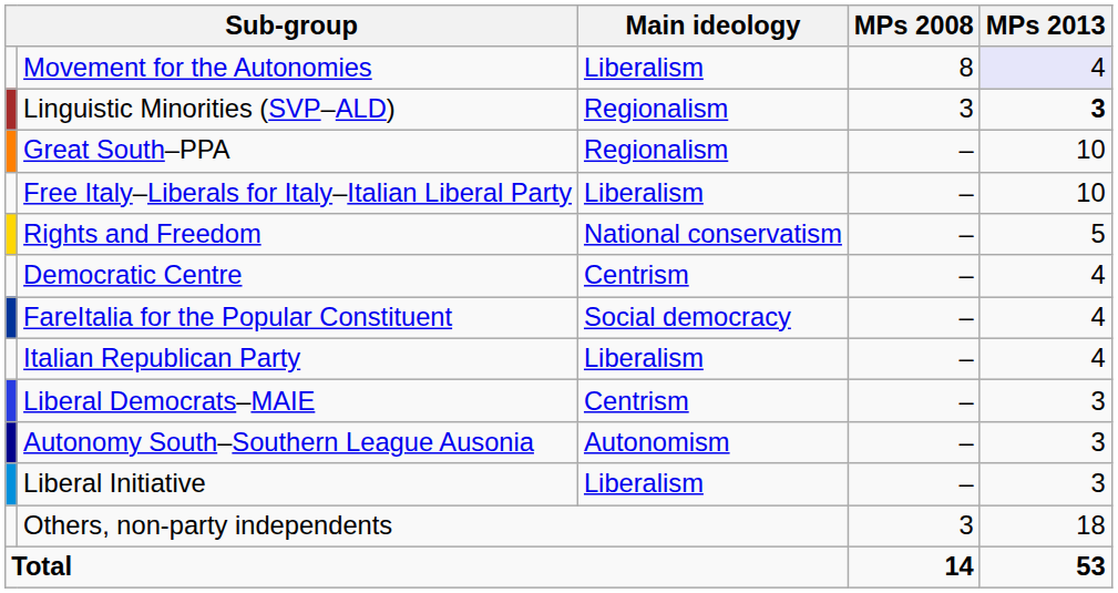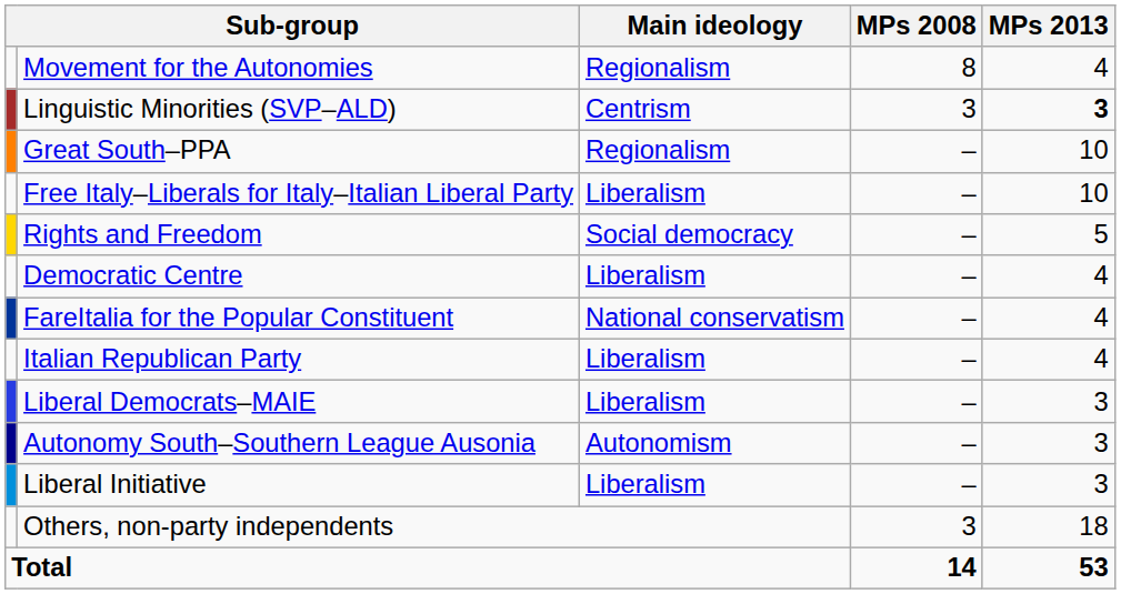 <table class="wikitable" style="font-size:100%">
 <tr>
 <th colspan=2>Sub-group</th>
 <th>Main ideology</th>
 <th>MPs 2008</th>
 <th>MPs 2013</th>
 </tr>
 <tr>
 <td></td>
 <td><a href='#'>Movement for the Autonomies</a></td>
-<td><a href='#'>Liberalism</a></td>
+<td><a href='#'>Regionalism</a></td>
 <td align=right>8</td>
-<td align=right style="background: lavender;">4</td>
+<td align=right>4</td>
 </tr>
 <tr>
 <td bgcolor="brown"></td>
 <td>Linguistic Minorities (<a href='#'>SVP</a>–<a href='#'>ALD</a>)</td>
-<td><a href='#'>Regionalism</a></td>
+<td><a href='#'>Centrism</a></td>
 <td align=right>3</td>
 <td align=right><strong>3</strong></td>
 </tr>
 <tr>
 <td bgcolor="#FF7F00"></td>
 <td><a href='#'>Great South</a>–PPA</td>
 <td><a href='#'>Regionalism</a></td>
 <td align=right>–</td>
 <td align=right>10</td>
 </tr>
 <tr>
 <td></td>
 <td><a href='#'>Free Italy</a>–<a href='#'>Liberals for Italy</a>–<a href='#'>Italian Liberal Party</a></td>
 <td><a href='#'>Liberalism</a></td>
 <td align=right>–</td>
 <td align=right>10</td>
 </tr>
 <tr>
 <td bgcolor="gold"></td>
 <td><a href='#'>Rights and Freedom</a></td>
-<td><a href='#'>National conservatism</a></td>
+<td><a href='#'>Social democracy</a></td>
 <td align=right>–</td>
 <td align=right>5</td>
 </tr>
 <tr>
 <td></td>
 <td><a href='#'>Democratic Centre</a></td>
-<td><a href='#'>Centrism</a></td>
+<td><a href='#'>Liberalism</a></td>
 <td align=right>–</td>
 <td align=right>4</td>
 </tr>
 <tr>
 <td bgcolor="#003399"></td>
 <td><a href='#'>FareItalia for the Popular Constituent</a></td>
-<td><a href='#'>Social democracy</a></td>
+<td><a href='#'>National conservatism</a></td>
 <td align=right>–</td>
 <td align=right>4</td>
 </tr>
 <tr>
 <td></td>
 <td><a href='#'>Italian Republican Party</a></td>
 <td><a href='#'>Liberalism</a></td>
 <td align=right>–</td>
 <td align=right>4</td>
 </tr>
 <tr>
 <td bgcolor="#273BE2"></td>
 <td><a href='#'>Liberal Democrats</a>–<a href='#'>MAIE</a></td>
-<td><a href='#'>Centrism</a></td>
+<td><a href='#'>Liberalism</a></td>
 <td align=right>–</td>
 <td align=right>3</td>
 </tr>
 <tr>
 <td bgcolor="darkblue"></td>
 <td><a href='#'>Autonomy South</a>–<a href='#'>Southern League Ausonia</a></td>
 <td><a href='#'>Autonomism</a></td>
 <td align=right>–</td>
 <td align=right>3</td>
 </tr>
 <tr>
 <td bgcolor="#0090DC"></td>
 <td>Liberal Initiative</td>
 <td><a href='#'>Liberalism</a></td>
 <td align=right>–</td>
 <td align=right>3</td>
 </tr>
 <tr>
 <td></td>
 <td colspan=2>Others, non-party independents</td>
 <td align=right>3</td>
 <td align=right>18</td>
 </tr>
 <tr>
 <td colspan=3><strong>Total</strong></td>
 <td align=right><strong>14</strong></td>
 <td align=right><strong>53</strong></td>
 </tr>
 </table>
